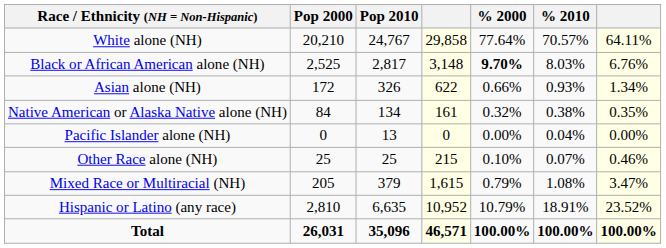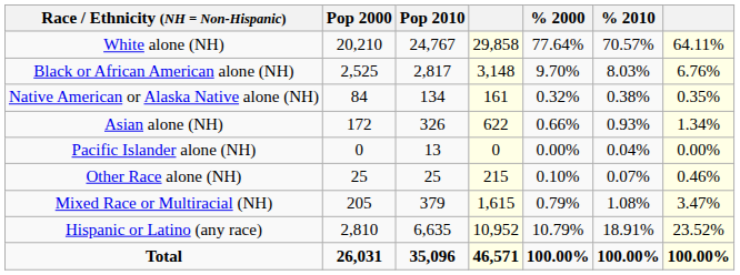 <table class="wikitable" style="text-align:center;">
 <tr>
 <th>Race / Ethnicity <small>(<em>NH = Non-Hispanic</em>)</small></th>
 <th>Pop 2000</th>
 <th>Pop 2010</th>
 <th></th>
 <th>% 2000</th>
 <th>% 2010</th>
 <th></th>
 </tr>
 <tr>
 <td><a href='#'>White</a> alone (NH)</td>
 <td>20,210</td>
 <td>24,767</td>
 <td style='background: #ffffe6;'>29,858</td>
 <td>77.64%</td>
 <td>70.57%</td>
 <td style='background: #ffffe6;'>64.11%</td>
 </tr>
 <tr>
 <td><a href='#'>Black or African American</a> alone (NH)</td>
 <td>2,525</td>
 <td>2,817</td>
 <td style='background: #ffffe6;'>3,148</td>
-<td><strong>9.70%</strong></td>
+<td>9.70%</td>
 <td>8.03%</td>
 <td style='background: #ffffe6;'>6.76%</td>
+</tr>
+<tr>
+<td><a href='#'>Native American</a> or <a href='#'>Alaska Native</a> alone (NH)</td>
+<td>84</td>
+<td>134</td>
+<td style='background: #ffffe6;'>161</td>
+<td>0.32%</td>
+<td>0.38%</td>
+<td style='background: #ffffe6;'>0.35%</td>
 </tr>
 <tr>
 <td><a href='#'>Asian</a> alone (NH)</td>
 <td>172</td>
 <td>326</td>
 <td style='background: #ffffe6;'>622</td>
 <td>0.66%</td>
 <td>0.93%</td>
 <td style='background: #ffffe6;'>1.34%</td>
-</tr>
-<tr>
-<td><a href='#'>Native American</a> or <a href='#'>Alaska Native</a> alone (NH)</td>
-<td>84</td>
-<td>134</td>
-<td style='background: #ffffe6;'>161</td>
-<td>0.32%</td>
-<td>0.38%</td>
-<td style='background: #ffffe6;'>0.35%</td>
 </tr>
 <tr>
 <td><a href='#'>Pacific Islander</a> alone (NH)</td>
 <td>0</td>
 <td>13</td>
 <td style='background: #ffffe6;'>0</td>
 <td>0.00%</td>
 <td>0.04%</td>
 <td style='background: #ffffe6;'>0.00%</td>
 </tr>
 <tr>
 <td><a href='#'>Other Race</a> alone (NH)</td>
 <td>25</td>
 <td>25</td>
 <td style='background: #ffffe6;'>215</td>
 <td>0.10%</td>
 <td>0.07%</td>
 <td style='background: #ffffe6;'>0.46%</td>
 </tr>
 <tr>
 <td><a href='#'>Mixed Race or Multiracial</a> (NH)</td>
 <td>205</td>
 <td>379</td>
 <td style='background: #ffffe6;'>1,615</td>
 <td>0.79%</td>
 <td>1.08%</td>
 <td style='background: #ffffe6;'>3.47%</td>
 </tr>
 <tr>
 <td><a href='#'>Hispanic or Latino</a> (any race)</td>
 <td>2,810</td>
 <td>6,635</td>
 <td style='background: #ffffe6;'>10,952</td>
 <td>10.79%</td>
 <td>18.91%</td>
 <td style='background: #ffffe6;'>23.52%</td>
 </tr>
 <tr>
 <td><strong>Total</strong></td>
 <td><strong>26,031</strong></td>
 <td><strong>35,096</strong></td>
 <td style='background: #ffffe6;'><strong>46,571</strong></td>
 <td><strong>100.00%</strong></td>
 <td><strong>100.00%</strong></td>
 <td style='background: #ffffe6;'><strong>100.00%</strong></td>
 </tr>
 </table>
